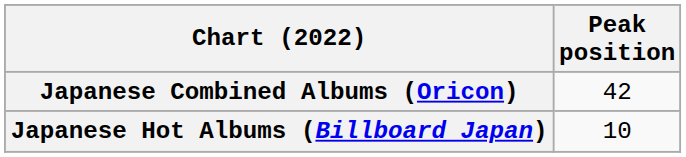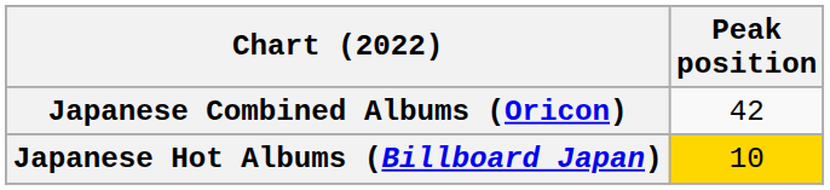 <table class="wikitable sortable plainrowheaders" style="text-align:center;">
 <tr>
 <th scope="col">Chart (2022)</th>
 <th scope="col">Peak<br>position</th>
 </tr>
 <tr>
 <th scope="row">Japanese Combined Albums (<a href='#'>Oricon</a>)</th>
 <td>42</td>
 </tr>
 <tr>
 <th scope="row">Japanese Hot Albums (<em><a href='#'>Billboard Japan</a></em>)</th>
-<td>10</td>
+<td style="background: gold;">10</td>
 </tr>
 </table>
